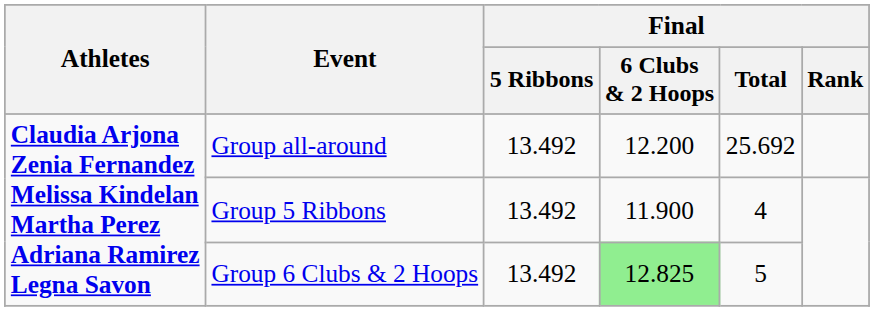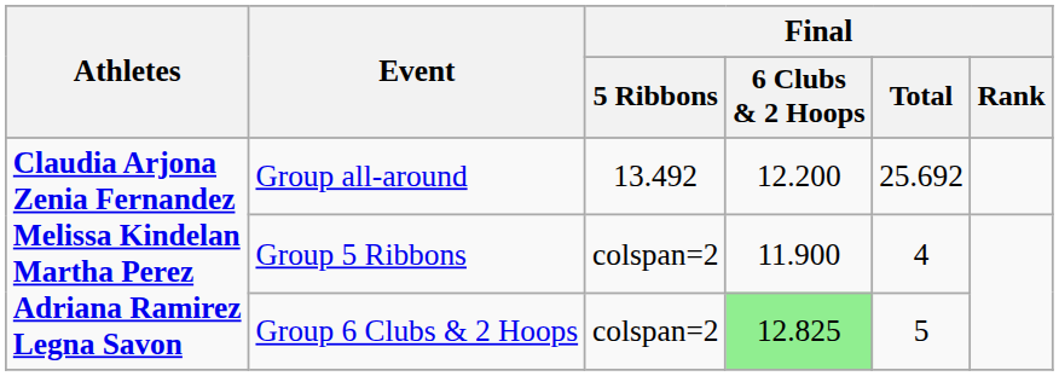 <table class="wikitable" style="font-size:90%">
 <tr>
 <th rowspan="2">Athletes</th>
 <th rowspan="2">Event</th>
 <th colspan="4">Final</th>
 </tr>
 <tr style="font-size:95%">
 <th>5 Ribbons</th>
 <th>6 Clubs<br>& 2 Hoops</th>
 <th>Total</th>
 <th>Rank</th>
 </tr>
 <tr align=center>
 <td align=left rowspan=3><strong><a href='#'>Claudia Arjona</a><br><a href='#'>Zenia Fernandez</a><br><a href='#'>Melissa Kindelan</a><br><a href='#'>Martha Perez</a><br><a href='#'>Adriana Ramirez</a><br><a href='#'>Legna Savon</a></strong></td>
 <td align=left><a href='#'>Group all-around</a></td>
 <td>13.492</td>
 <td>12.200</td>
 <td>25.692</td>
 <td></td>
 </tr>
 <tr align=center>
 <td align=left><a href='#'>Group 5 Ribbons</a></td>
-<td>13.492</td>
+<td>colspan=2 </td>
 <td>11.900</td>
 <td>4</td>
 </tr>
 <tr align=center>
 <td align=left><a href='#'>Group 6 Clubs & 2 Hoops</a></td>
-<td>13.492</td>
+<td>colspan=2 </td>
 <td style="background: lightgreen;">12.825</td>
 <td>5</td>
 </tr>
 </table>
